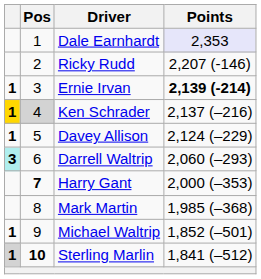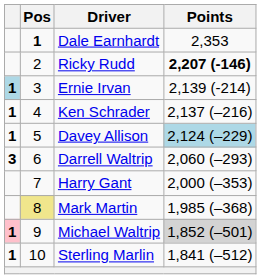 <table class="wikitable" style="font-size: 95%;">
 <tr>
 <th></th>
 <th>Pos</th>
 <th>Driver</th>
 <th>Points</th>
 </tr>
 <tr>
 <td align="left"></td>
-<td style="text-align:center;">1</td>
+<td style="text-align:center;"><strong>1</strong></td>
 <td><a href='#'>Dale Earnhardt</a></td>
-<td style="background: lavender; text-align:center;">2,353</td>
+<td style="text-align:center;">2,353</td>
 </tr>
 <tr>
 <td align="left"></td>
 <td style="text-align:center;">2</td>
 <td><a href='#'>Ricky Rudd</a></td>
-<td style="text-align:center;">2,207 (-146)</td>
+<td style="text-align:center;"><strong>2,207 (-146)</strong></td>
+</tr>
+<tr>
+<td align="left" style="background: lightblue;">  <strong>1</strong></td>
+<td style="text-align:center;">3</td>
+<td><a href='#'>Ernie Irvan</a></td>
+<td style="text-align:center;">2,139 (-214)</td>
 </tr>
 <tr>
 <td align="left">  <strong>1</strong></td>
-<td style="text-align:center;">3</td>
-<td><a href='#'>Ernie Irvan</a></td>
-<td style="text-align:center;"><strong>2,139 (-214)</strong></td>
-</tr>
-<tr>
-<td align="left" style="background: gold;">  <strong>1</strong></td>
-<td style="background: lightgrey; text-align:center;">4</td>
+<td style="text-align:center;">4</td>
 <td><a href='#'>Ken Schrader</a></td>
 <td style="text-align:center;">2,137 (–216)</td>
 </tr>
 <tr>
 <td align="left">  <strong>1</strong></td>
 <td style="text-align:center;">5</td>
 <td><a href='#'>Davey Allison</a></td>
-<td style="text-align:center;">2,124 (–229)</td>
+<td style="background: lightblue; text-align:center;">2,124 (–229)</td>
 </tr>
 <tr>
-<td align="left" style="background: paleturquoise;">  <strong>3</strong></td>
+<td align="left">  <strong>3</strong></td>
 <td style="text-align:center;">6</td>
 <td><a href='#'>Darrell Waltrip</a></td>
 <td style="text-align:center;">2,060 (–293)</td>
 </tr>
 <tr>
 <td align="left"></td>
-<td style="text-align:center;"><strong>7</strong></td>
+<td style="text-align:center;">7</td>
 <td><a href='#'>Harry Gant</a></td>
 <td style="text-align:center;">2,000 (–353)</td>
 </tr>
 <tr>
 <td align="left"></td>
-<td style="text-align:center;">8</td>
+<td style="background: khaki; text-align:center;">8</td>
 <td><a href='#'>Mark Martin</a></td>
 <td style="text-align:center;">1,985 (–368)</td>
 </tr>
 <tr>
-<td align="left">  <strong>1</strong></td>
+<td align="left" style="background: pink;">  <strong>1</strong></td>
 <td style="text-align:center;">9</td>
 <td><a href='#'>Michael Waltrip</a></td>
-<td style="text-align:center;">1,852 (–501)</td>
+<td style="background: lightgrey; text-align:center;">1,852 (–501)</td>
 </tr>
 <tr>
-<td align="left" style="background: lightgrey;">  <strong>1</strong></td>
-<td style="text-align:center;"><strong>10</strong></td>
+<td align="left">  <strong>1</strong></td>
+<td style="text-align:center;">10</td>
 <td><a href='#'>Sterling Marlin</a></td>
 <td style="text-align:center;">1,841 (–512)</td>
 </tr>
 <tr class="sortbottom">
 <th colspan="9"></th>
 </tr>
 </table>
